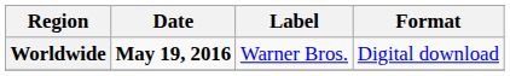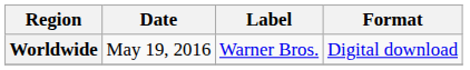 <table class="wikitable plainrowheaders">
 <tr>
 <th scope="col">Region</th>
 <th scope="col">Date</th>
 <th scope="col">Label</th>
 <th scope="col">Format</th>
 </tr>
 <tr>
 <th scope="row">Worldwide</th>
-<td><strong>May 19, 2016</strong></td>
+<td>May 19, 2016</td>
 <td><a href='#'>Warner Bros.</a></td>
 <td><a href='#'>Digital download</a></td>
 </tr>
 <tr>
 </tr>
 </table>
